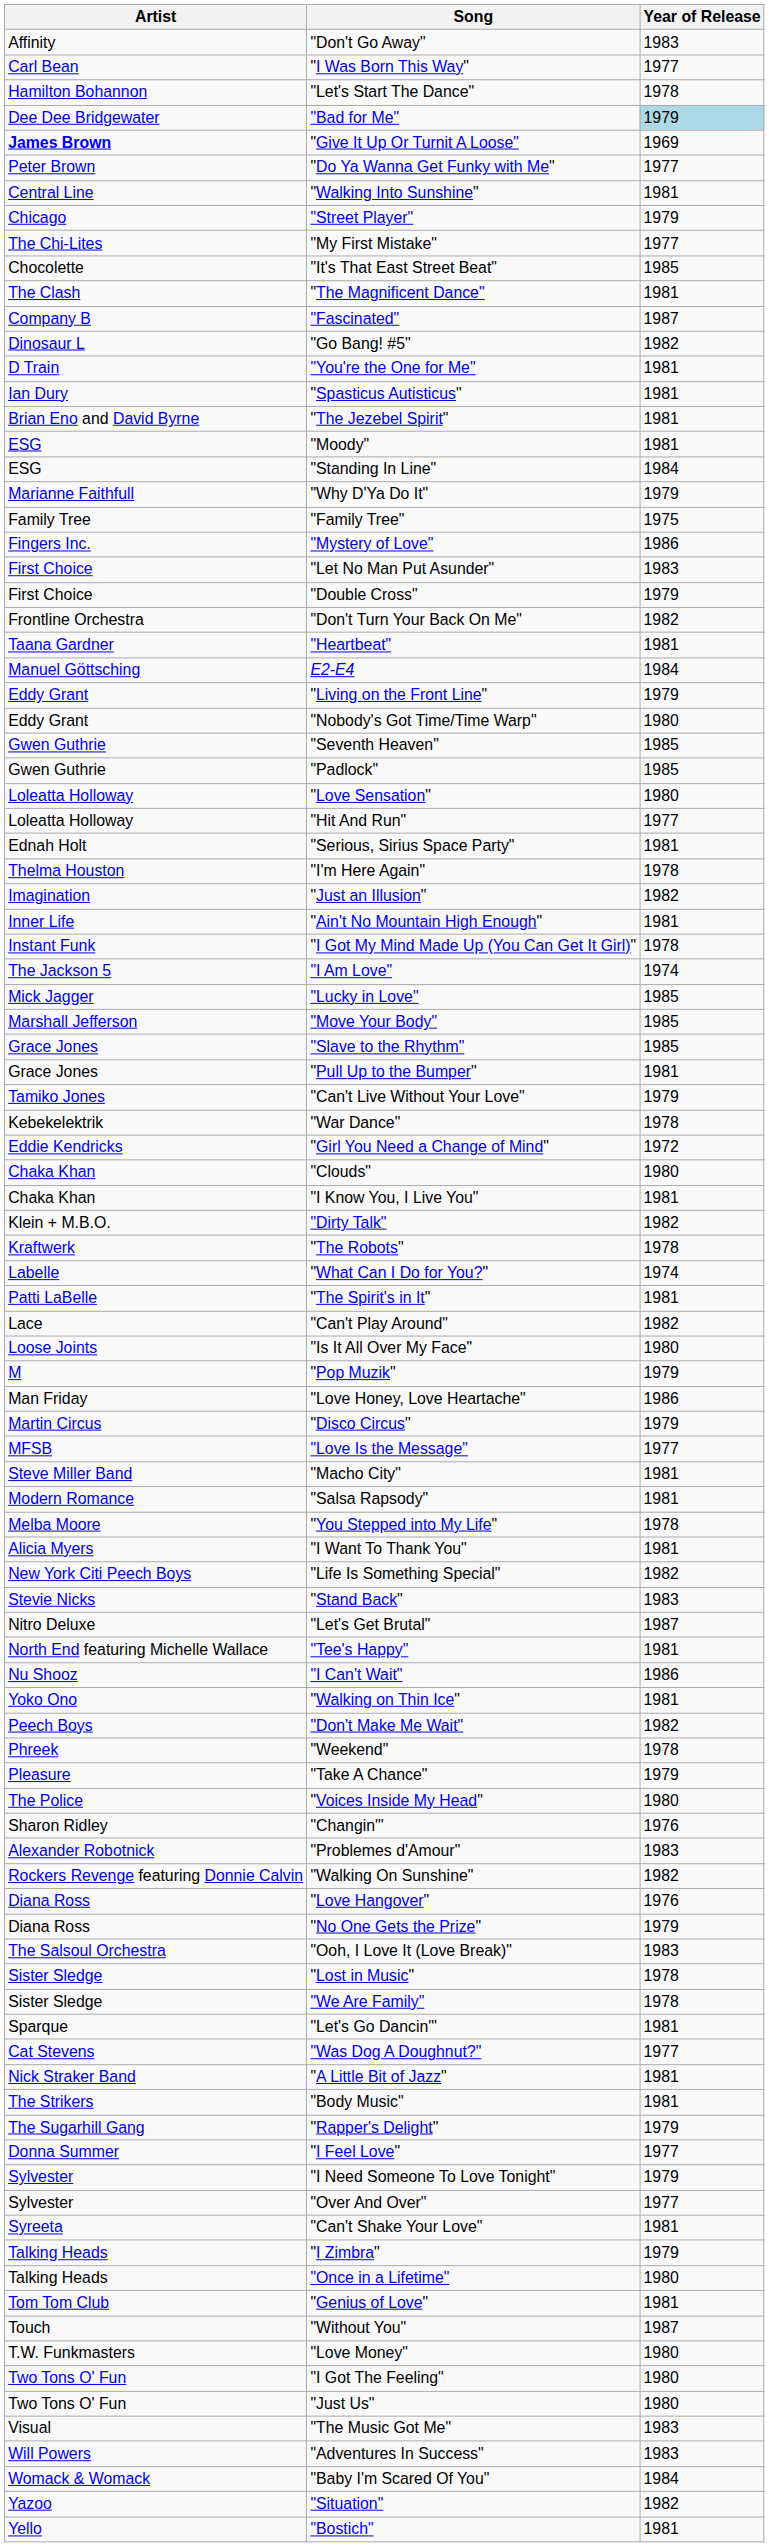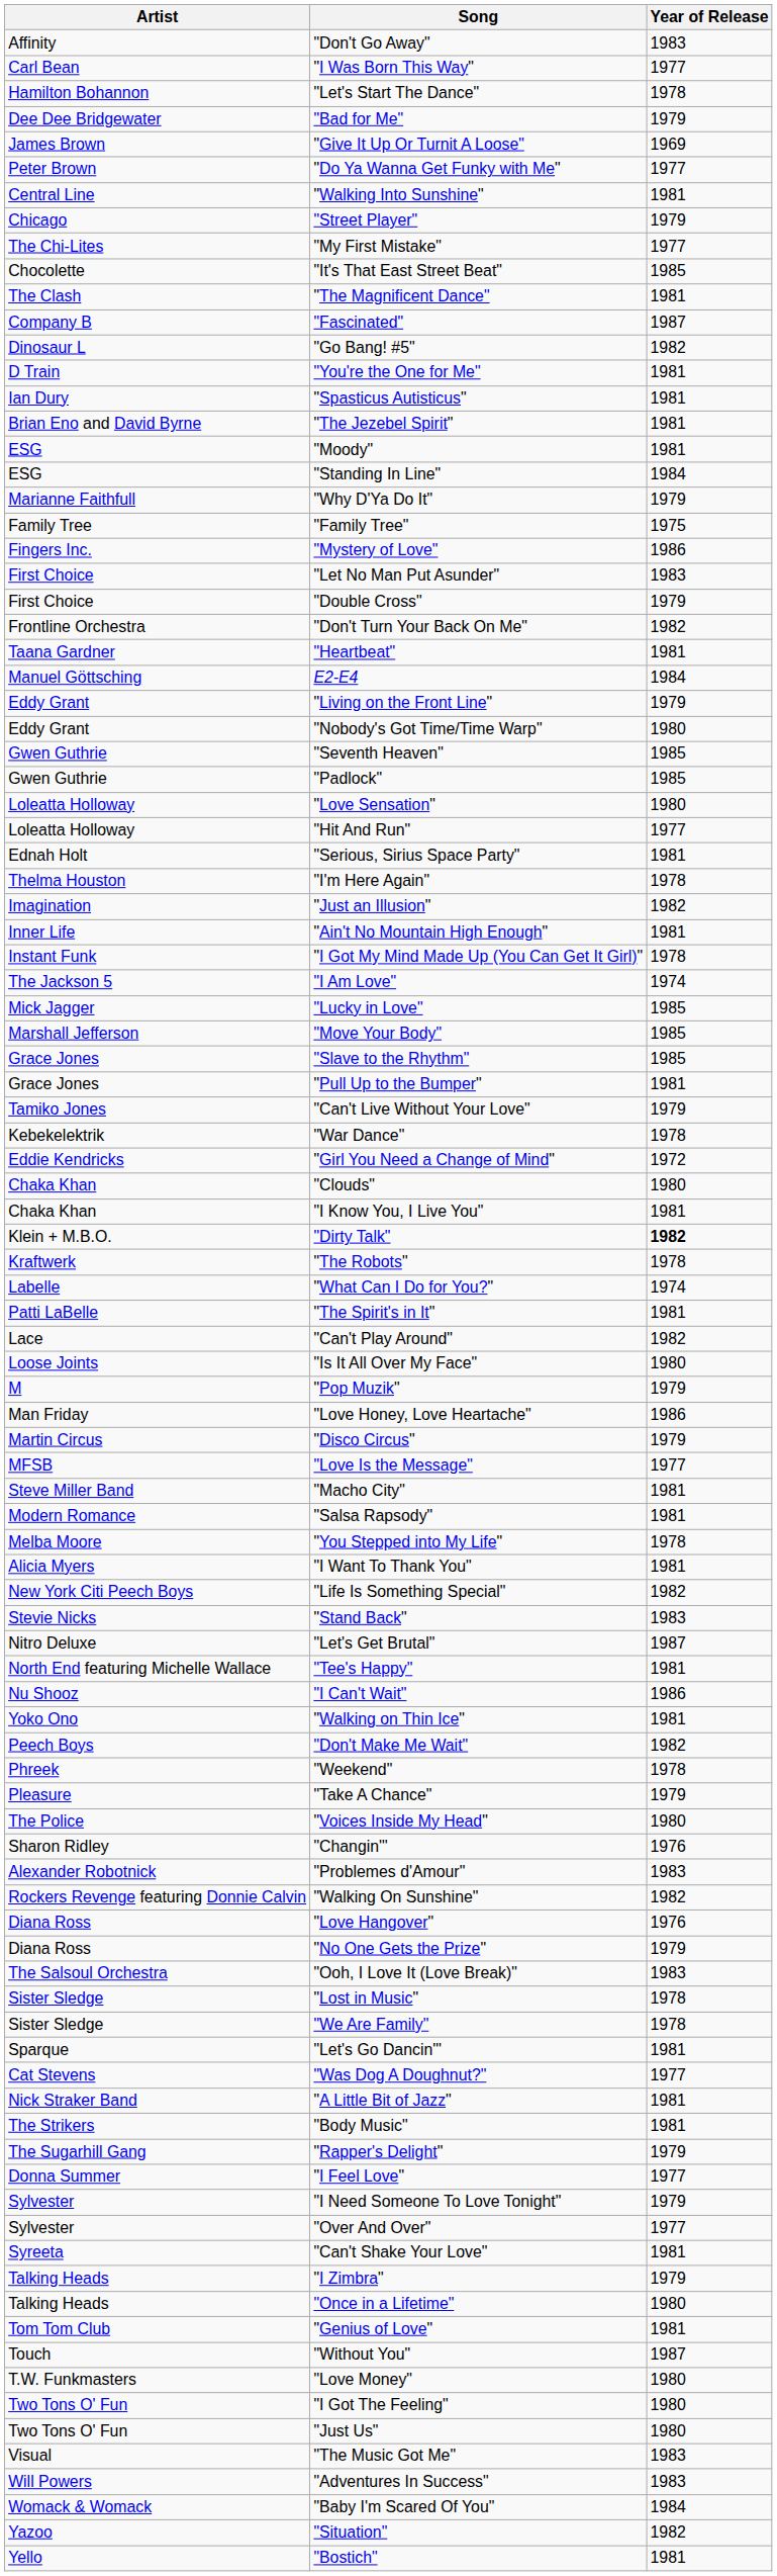 <table class="wikitable sortable">
 <tr>
 <th>Artist</th>
 <th>Song</th>
 <th>Year of Release</th>
 </tr>
 <tr>
 <td>Affinity</td>
 <td>"Don't Go Away"</td>
 <td>1983</td>
 </tr>
 <tr>
 <td><a href='#'>Carl Bean</a></td>
 <td>"<a href='#'>I Was Born This Way</a>"</td>
 <td>1977</td>
 </tr>
 <tr>
 <td><a href='#'>Hamilton Bohannon</a></td>
 <td>"Let's Start The Dance"</td>
 <td>1978</td>
 </tr>
 <tr>
 <td><a href='#'>Dee Dee Bridgewater</a></td>
 <td><a href='#'>"Bad for Me"</a></td>
-<td style="background: lightblue;">1979</td>
+<td>1979</td>
 </tr>
 <tr>
-<td><strong><a href='#'>James Brown</a></strong></td>
+<td><a href='#'>James Brown</a></td>
 <td>"<a href='#'>Give It Up Or Turnit A Loose"</a></td>
 <td>1969</td>
 </tr>
 <tr>
 <td><a href='#'>Peter Brown</a></td>
 <td>"<a href='#'>Do Ya Wanna Get Funky with Me</a>"</td>
 <td>1977</td>
 </tr>
 <tr>
 <td><a href='#'>Central Line</a></td>
 <td>"<a href='#'>Walking Into Sunshine</a>"</td>
 <td>1981</td>
 </tr>
 <tr>
 <td><a href='#'>Chicago</a></td>
 <td><a href='#'>"Street Player"</a></td>
 <td>1979</td>
 </tr>
 <tr>
 <td><a href='#'>The Chi-Lites</a></td>
 <td>"My First Mistake"</td>
 <td>1977</td>
 </tr>
 <tr>
 <td>Chocolette</td>
 <td>"It's That East Street Beat"</td>
 <td>1985</td>
 </tr>
 <tr>
 <td><a href='#'>The Clash</a></td>
 <td>"<a href='#'>The Magnificent Dance"</a></td>
 <td>1981</td>
 </tr>
 <tr>
 <td><a href='#'>Company B</a></td>
 <td><a href='#'>"Fascinated"</a></td>
 <td>1987</td>
 </tr>
 <tr>
 <td><a href='#'>Dinosaur L</a></td>
 <td>"Go Bang! #5"</td>
 <td>1982</td>
 </tr>
 <tr>
 <td><a href='#'>D Train</a></td>
 <td><a href='#'>"You're the One for Me"</a></td>
 <td>1981</td>
 </tr>
 <tr>
 <td><a href='#'>Ian Dury</a></td>
 <td>"<a href='#'>Spasticus Autisticus</a>"</td>
 <td>1981</td>
 </tr>
 <tr>
 <td><a href='#'>Brian Eno</a> and <a href='#'>David Byrne</a></td>
 <td>"<a href='#'>The Jezebel Spirit</a>"</td>
 <td>1981</td>
 </tr>
 <tr>
 <td><a href='#'>ESG</a></td>
 <td>"Moody"</td>
 <td>1981</td>
 </tr>
 <tr>
 <td>ESG</td>
 <td>"Standing In Line"</td>
 <td>1984</td>
 </tr>
 <tr>
 <td><a href='#'>Marianne Faithfull</a></td>
 <td>"Why D'Ya Do It"</td>
 <td>1979</td>
 </tr>
 <tr>
 <td>Family Tree</td>
 <td>"Family Tree"</td>
 <td>1975</td>
 </tr>
 <tr>
 <td><a href='#'>Fingers Inc.</a></td>
 <td><a href='#'>"Mystery of Love"</a></td>
 <td>1986</td>
 </tr>
 <tr>
 <td><a href='#'>First Choice</a></td>
 <td>"Let No Man Put Asunder"</td>
 <td>1983</td>
 </tr>
 <tr>
 <td>First Choice</td>
 <td>"Double Cross"</td>
 <td>1979</td>
 </tr>
 <tr>
 <td>Frontline Orchestra</td>
 <td>"Don't Turn Your Back On Me"</td>
 <td>1982</td>
 </tr>
 <tr>
 <td><a href='#'>Taana Gardner</a></td>
 <td><a href='#'>"Heartbeat"</a></td>
 <td>1981</td>
 </tr>
 <tr>
 <td><a href='#'>Manuel Göttsching</a></td>
 <td><em><a href='#'>E2-E4</a></em></td>
 <td>1984</td>
 </tr>
 <tr>
 <td><a href='#'>Eddy Grant</a></td>
 <td>"<a href='#'>Living on the Front Line</a>"</td>
 <td>1979</td>
 </tr>
 <tr>
 <td>Eddy Grant</td>
 <td>"Nobody's Got Time/Time Warp"</td>
 <td>1980</td>
 </tr>
 <tr>
 <td><a href='#'>Gwen Guthrie</a></td>
 <td>"Seventh Heaven"</td>
 <td>1985</td>
 </tr>
 <tr>
 <td>Gwen Guthrie</td>
 <td>"Padlock"</td>
 <td>1985</td>
 </tr>
 <tr>
 <td><a href='#'>Loleatta Holloway</a></td>
 <td>"<a href='#'>Love Sensation</a>"</td>
 <td>1980</td>
 </tr>
 <tr>
 <td>Loleatta Holloway</td>
 <td>"Hit And Run"</td>
 <td>1977</td>
 </tr>
 <tr>
 <td>Ednah Holt</td>
 <td>"Serious, Sirius Space Party"</td>
 <td>1981</td>
 </tr>
 <tr>
 <td><a href='#'>Thelma Houston</a></td>
 <td>"I'm Here Again"</td>
 <td>1978</td>
 </tr>
 <tr>
 <td><a href='#'>Imagination</a></td>
 <td>"<a href='#'>Just an Illusion</a>"</td>
 <td>1982</td>
 </tr>
 <tr>
 <td><a href='#'>Inner Life</a></td>
 <td>"<a href='#'>Ain't No Mountain High Enough</a>"</td>
 <td>1981</td>
 </tr>
 <tr>
 <td><a href='#'>Instant Funk</a></td>
 <td>"<a href='#'>I Got My Mind Made Up (You Can Get It Girl)</a>"</td>
 <td>1978</td>
 </tr>
 <tr>
 <td><a href='#'>The Jackson 5</a></td>
 <td><a href='#'>"I Am Love"</a></td>
 <td>1974</td>
 </tr>
 <tr>
 <td><a href='#'>Mick Jagger</a></td>
 <td><a href='#'>"Lucky in Love"</a></td>
 <td>1985</td>
 </tr>
 <tr>
 <td><a href='#'>Marshall Jefferson</a></td>
 <td><a href='#'>"Move Your Body"</a></td>
 <td>1985</td>
 </tr>
 <tr>
 <td><a href='#'>Grace Jones</a></td>
 <td><a href='#'>"Slave to the Rhythm"</a></td>
 <td>1985</td>
 </tr>
 <tr>
 <td>Grace Jones</td>
 <td>"<a href='#'>Pull Up to the Bumper</a>"</td>
 <td>1981</td>
 </tr>
 <tr>
 <td><a href='#'>Tamiko Jones</a></td>
 <td>"Can't Live Without Your Love"</td>
 <td>1979</td>
 </tr>
 <tr>
 <td>Kebekelektrik</td>
 <td>"War Dance"</td>
 <td>1978</td>
 </tr>
 <tr>
 <td><a href='#'>Eddie Kendricks</a></td>
 <td>"<a href='#'>Girl You Need a Change of Mind</a>"</td>
 <td>1972</td>
 </tr>
 <tr>
 <td><a href='#'>Chaka Khan</a></td>
 <td>"Clouds"</td>
 <td>1980</td>
 </tr>
 <tr>
 <td>Chaka Khan</td>
 <td>"I Know You, I Live You"</td>
 <td>1981</td>
 </tr>
 <tr>
 <td>Klein + M.B.O.</td>
 <td><a href='#'>"Dirty Talk"</a></td>
-<td>1982</td>
+<td><strong>1982</strong></td>
 </tr>
 <tr>
 <td><a href='#'>Kraftwerk</a></td>
 <td>"<a href='#'>The Robots</a>"</td>
 <td>1978</td>
 </tr>
 <tr>
 <td><a href='#'>Labelle</a></td>
 <td>"<a href='#'>What Can I Do for You?</a>"</td>
 <td>1974</td>
 </tr>
 <tr>
 <td><a href='#'>Patti LaBelle</a></td>
 <td>"<a href='#'>The Spirit's in It</a>"</td>
 <td>1981</td>
 </tr>
 <tr>
 <td>Lace</td>
 <td>"Can't Play Around"</td>
 <td>1982</td>
 </tr>
 <tr>
 <td><a href='#'>Loose Joints</a></td>
 <td>"Is It All Over My Face"</td>
 <td>1980</td>
 </tr>
 <tr>
 <td><a href='#'>M</a></td>
 <td>"<a href='#'>Pop Muzik</a>"</td>
 <td>1979</td>
 </tr>
 <tr>
 <td>Man Friday</td>
 <td>"Love Honey, Love Heartache"</td>
 <td>1986</td>
 </tr>
 <tr>
 <td><a href='#'>Martin Circus</a></td>
 <td>"<a href='#'>Disco Circus</a>"</td>
 <td>1979</td>
 </tr>
 <tr>
 <td><a href='#'>MFSB</a></td>
 <td><a href='#'>"Love Is the Message"</a></td>
 <td>1977</td>
 </tr>
 <tr>
 <td><a href='#'>Steve Miller Band</a></td>
 <td>"Macho City"</td>
 <td>1981</td>
 </tr>
 <tr>
 <td><a href='#'>Modern Romance</a></td>
 <td>"Salsa Rapsody"</td>
 <td>1981</td>
 </tr>
 <tr>
 <td><a href='#'>Melba Moore</a></td>
 <td>"<a href='#'>You Stepped into My Life</a>"</td>
 <td>1978</td>
 </tr>
 <tr>
 <td><a href='#'>Alicia Myers</a></td>
 <td>"I Want To Thank You"</td>
 <td>1981</td>
 </tr>
 <tr>
 <td><a href='#'>New York Citi Peech Boys</a></td>
 <td>"Life Is Something Special"</td>
 <td>1982</td>
 </tr>
 <tr>
 <td><a href='#'>Stevie Nicks</a></td>
 <td>"<a href='#'>Stand Back</a>"</td>
 <td>1983</td>
 </tr>
 <tr>
 <td>Nitro Deluxe</td>
 <td>"Let's Get Brutal"</td>
 <td>1987</td>
 </tr>
 <tr>
 <td><a href='#'>North End</a> featuring Michelle Wallace</td>
 <td><a href='#'>"Tee's Happy"</a></td>
 <td>1981</td>
 </tr>
 <tr>
 <td><a href='#'>Nu Shooz</a></td>
 <td><a href='#'>"I Can't Wait"</a></td>
 <td>1986</td>
 </tr>
 <tr>
 <td><a href='#'>Yoko Ono</a></td>
 <td>"<a href='#'>Walking on Thin Ice</a>"</td>
 <td>1981</td>
 </tr>
 <tr>
 <td><a href='#'>Peech Boys</a></td>
 <td><a href='#'>"Don't Make Me Wait"</a></td>
 <td>1982</td>
 </tr>
 <tr>
 <td><a href='#'>Phreek</a></td>
 <td>"Weekend"</td>
 <td>1978</td>
 </tr>
 <tr>
 <td><a href='#'>Pleasure</a></td>
 <td>"Take A Chance"</td>
 <td>1979</td>
 </tr>
 <tr>
 <td><a href='#'>The Police</a></td>
 <td>"<a href='#'>Voices Inside My Head</a>"</td>
 <td>1980</td>
 </tr>
 <tr>
 <td>Sharon Ridley</td>
 <td>"Changin'"</td>
 <td>1976</td>
 </tr>
 <tr>
 <td><a href='#'>Alexander Robotnick</a></td>
 <td>"Problemes d'Amour"</td>
 <td>1983</td>
 </tr>
 <tr>
 <td><a href='#'>Rockers Revenge</a> featuring <a href='#'>Donnie Calvin</a></td>
 <td>"Walking On Sunshine"</td>
 <td>1982</td>
 </tr>
 <tr>
 <td><a href='#'>Diana Ross</a></td>
 <td>"<a href='#'>Love Hangover</a>"</td>
 <td>1976</td>
 </tr>
 <tr>
 <td>Diana Ross</td>
 <td>"<a href='#'>No One Gets the Prize</a>"</td>
 <td>1979</td>
 </tr>
 <tr>
 <td><a href='#'>The Salsoul Orchestra</a></td>
 <td>"Ooh, I Love It (Love Break)"</td>
 <td>1983</td>
 </tr>
 <tr>
 <td><a href='#'>Sister Sledge</a></td>
 <td>"<a href='#'>Lost in Music</a>"</td>
 <td>1978</td>
 </tr>
 <tr>
 <td>Sister Sledge</td>
 <td><a href='#'>"We Are Family"</a></td>
 <td>1978</td>
 </tr>
 <tr>
 <td>Sparque</td>
 <td>"Let's Go Dancin'"</td>
 <td>1981</td>
 </tr>
 <tr>
 <td><a href='#'>Cat Stevens</a></td>
 <td><a href='#'>"Was Dog A Doughnut?"</a></td>
 <td>1977</td>
 </tr>
 <tr>
 <td><a href='#'>Nick Straker Band</a></td>
 <td>"<a href='#'>A Little Bit of Jazz</a>"</td>
 <td>1981</td>
 </tr>
 <tr>
 <td><a href='#'>The Strikers</a></td>
 <td>"Body Music"</td>
 <td>1981</td>
 </tr>
 <tr>
 <td><a href='#'>The Sugarhill Gang</a></td>
 <td>"<a href='#'>Rapper's Delight</a>"</td>
 <td>1979</td>
 </tr>
 <tr>
 <td><a href='#'>Donna Summer</a></td>
 <td>"<a href='#'>I Feel Love</a>"</td>
 <td>1977</td>
 </tr>
 <tr>
 <td><a href='#'>Sylvester</a></td>
 <td>"I Need Someone To Love Tonight"</td>
 <td>1979</td>
 </tr>
 <tr>
 <td>Sylvester</td>
 <td>"Over And Over"</td>
 <td>1977</td>
 </tr>
 <tr>
 <td><a href='#'>Syreeta</a></td>
 <td>"Can't Shake Your Love"</td>
 <td>1981</td>
 </tr>
 <tr>
 <td><a href='#'>Talking Heads</a></td>
 <td>"<a href='#'>I Zimbra</a>"</td>
 <td>1979</td>
 </tr>
 <tr>
 <td>Talking Heads</td>
 <td><a href='#'>"Once in a Lifetime"</a></td>
 <td>1980</td>
 </tr>
 <tr>
 <td><a href='#'>Tom Tom Club</a></td>
 <td>"<a href='#'>Genius of Love</a>"</td>
 <td>1981</td>
 </tr>
 <tr>
 <td>Touch</td>
 <td>"Without You"</td>
 <td>1987</td>
 </tr>
 <tr>
 <td>T.W. Funkmasters</td>
 <td>"Love Money"</td>
 <td>1980</td>
 </tr>
 <tr>
 <td><a href='#'>Two Tons O' Fun</a></td>
 <td>"I Got The Feeling"</td>
 <td>1980</td>
 </tr>
 <tr>
 <td>Two Tons O' Fun</td>
 <td>"Just Us"</td>
 <td>1980</td>
 </tr>
 <tr>
 <td>Visual</td>
 <td>"The Music Got Me"</td>
 <td>1983</td>
 </tr>
 <tr>
 <td><a href='#'>Will Powers</a></td>
 <td>"Adventures In Success"</td>
 <td>1983</td>
 </tr>
 <tr>
 <td><a href='#'>Womack & Womack</a></td>
 <td>"Baby I'm Scared Of You"</td>
 <td>1984</td>
 </tr>
 <tr>
 <td><a href='#'>Yazoo</a></td>
 <td><a href='#'>"Situation"</a></td>
 <td>1982</td>
 </tr>
 <tr>
 <td><a href='#'>Yello</a></td>
 <td><a href='#'>"Bostich"</a></td>
 <td>1981</td>
 </tr>
 </table>
